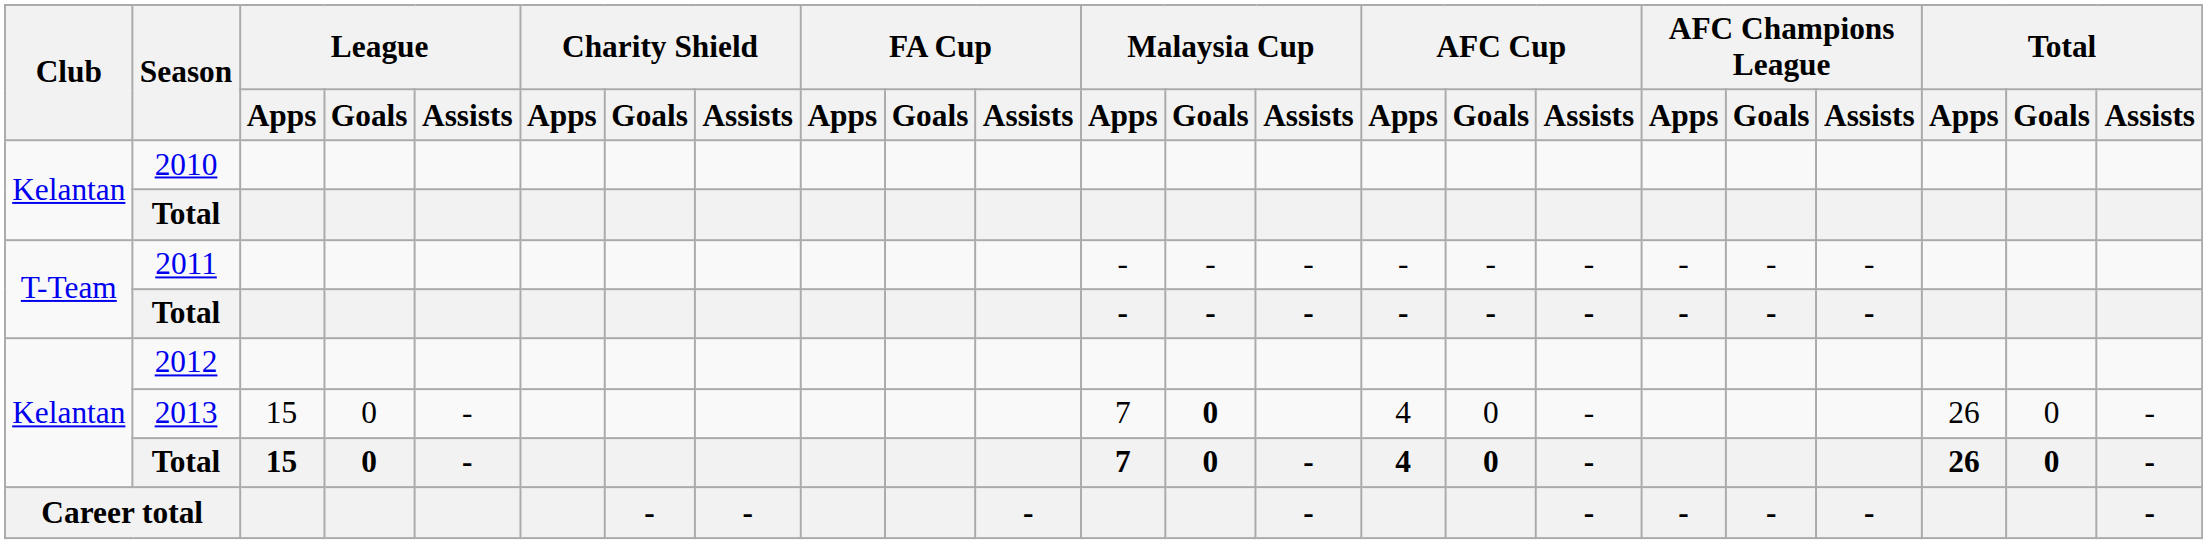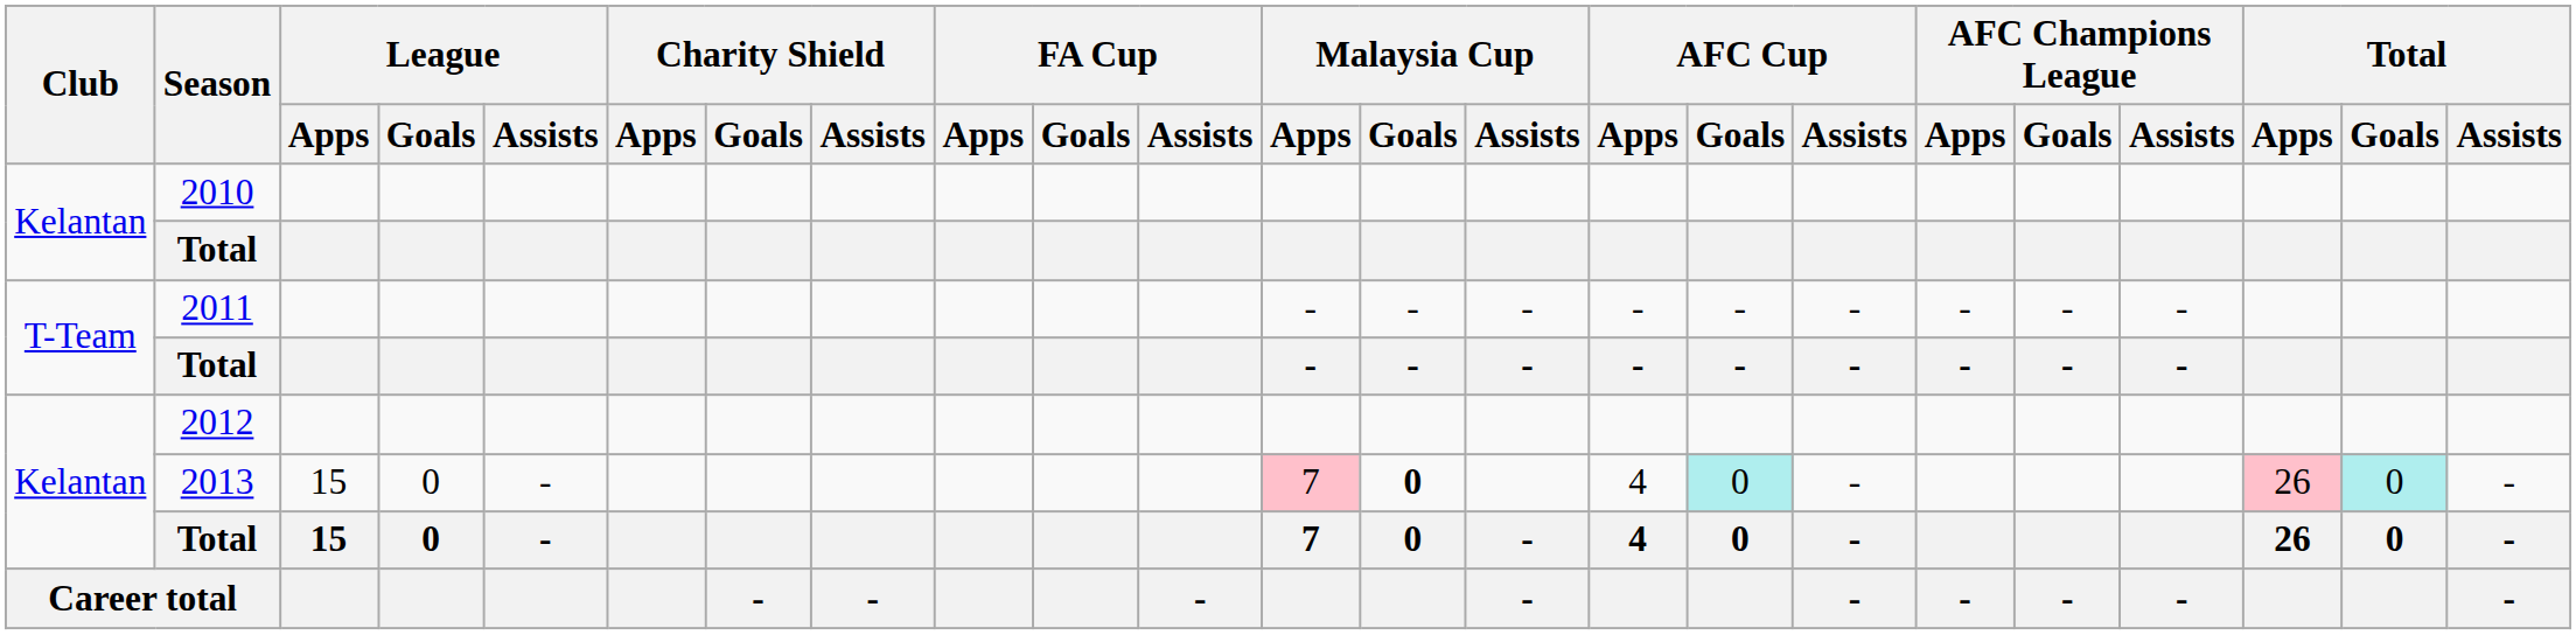 <table class="wikitable" style="text-align: center;">
 <tr>
 <th rowspan="2">Club</th>
 <th rowspan="2">Season</th>
 <th colspan="3">League</th>
 <th colspan="3">Charity Shield</th>
 <th colspan="3">FA Cup</th>
 <th colspan="3">Malaysia Cup</th>
 <th colspan="3">AFC Cup</th>
 <th colspan="3">AFC Champions League</th>
 <th colspan="3">Total</th>
 </tr>
 <tr>
 <th>Apps</th>
 <th>Goals</th>
 <th>Assists</th>
 <th>Apps</th>
 <th>Goals</th>
 <th>Assists</th>
 <th>Apps</th>
 <th>Goals</th>
 <th>Assists</th>
 <th>Apps</th>
 <th>Goals</th>
 <th>Assists</th>
 <th>Apps</th>
 <th>Goals</th>
 <th>Assists</th>
 <th>Apps</th>
 <th>Goals</th>
 <th>Assists</th>
 <th>Apps</th>
 <th>Goals</th>
 <th>Assists</th>
 </tr>
 <tr>
 <td rowspan="2"><a href='#'>Kelantan</a></td>
 <td><a href='#'>2010</a></td>
 <td></td>
 <td></td>
 <td></td>
 <td></td>
 <td></td>
 <td></td>
 <td></td>
 <td></td>
 <td></td>
 <td></td>
 <td></td>
 <td></td>
 <td></td>
 <td></td>
 <td></td>
 <td></td>
 <td></td>
 <td></td>
 <td></td>
 <td></td>
 <td></td>
 </tr>
 <tr>
 <th colspan="1">Total</th>
 <th></th>
 <th></th>
 <th></th>
 <th></th>
 <th></th>
 <th></th>
 <th></th>
 <th></th>
 <th></th>
 <th></th>
 <th></th>
 <th></th>
 <th></th>
 <th></th>
 <th></th>
 <th></th>
 <th></th>
 <th></th>
 <th></th>
 <th></th>
 <th></th>
 </tr>
 <tr>
 <td rowspan="2"><a href='#'>T-Team</a></td>
 <td><a href='#'>2011</a></td>
 <td></td>
 <td></td>
 <td></td>
 <td></td>
 <td></td>
 <td></td>
 <td></td>
 <td></td>
 <td></td>
 <td>-</td>
 <td>-</td>
 <td>-</td>
 <td>-</td>
 <td>-</td>
 <td>-</td>
 <td>-</td>
 <td>-</td>
 <td>-</td>
 <td></td>
 <td></td>
 <td></td>
 </tr>
 <tr>
 <th colspan="1">Total</th>
 <th></th>
 <th></th>
 <th></th>
 <th></th>
 <th></th>
 <th></th>
 <th></th>
 <th></th>
 <th></th>
 <th>-</th>
 <th>-</th>
 <th>-</th>
 <th>-</th>
 <th>-</th>
 <th>-</th>
 <th>-</th>
 <th>-</th>
 <th>-</th>
 <th></th>
 <th></th>
 <th></th>
 </tr>
 <tr>
 <td rowspan="3"><a href='#'>Kelantan</a></td>
 <td><a href='#'>2012</a></td>
 <td></td>
 <td></td>
 <td></td>
 <td></td>
 <td></td>
 <td></td>
 <td></td>
 <td></td>
 <td></td>
 <td></td>
 <td></td>
 <td></td>
 <td></td>
 <td></td>
 <td></td>
 <td></td>
 <td></td>
 <td></td>
 <td></td>
 <td></td>
 <td></td>
 </tr>
 <tr>
 <td><a href='#'>2013</a></td>
 <td>15</td>
 <td>0</td>
 <td>-</td>
 <td></td>
 <td></td>
 <td></td>
 <td></td>
 <td></td>
 <td></td>
-<td>7</td>
+<td style="background: pink;">7</td>
 <td><strong>0</strong></td>
 <td></td>
 <td>4</td>
-<td>0</td>
+<td style="background: paleturquoise;">0</td>
 <td>-</td>
 <td></td>
 <td></td>
 <td></td>
-<td>26</td>
-<td>0</td>
+<td style="background: pink;">26</td>
+<td style="background: paleturquoise;">0</td>
 <td>-</td>
 </tr>
 <tr>
 <th colspan="1">Total</th>
 <th>15</th>
 <th>0</th>
 <th>-</th>
 <th></th>
 <th></th>
 <th></th>
 <th></th>
 <th></th>
 <th></th>
 <th>7</th>
 <th>0</th>
 <th>-</th>
 <th>4</th>
 <th>0</th>
 <th>-</th>
 <th></th>
 <th></th>
 <th></th>
 <th>26</th>
 <th>0</th>
 <th>-</th>
 </tr>
 <tr>
 <th colspan="2">Career total</th>
 <th></th>
 <th></th>
 <th></th>
 <th></th>
 <th>-</th>
 <th>-</th>
 <th></th>
 <th></th>
 <th>-</th>
 <th></th>
 <th></th>
 <th>-</th>
 <th></th>
 <th></th>
 <th>-</th>
 <th>-</th>
 <th>-</th>
 <th>-</th>
 <th></th>
 <th></th>
 <th>-</th>
 </tr>
 </table>
